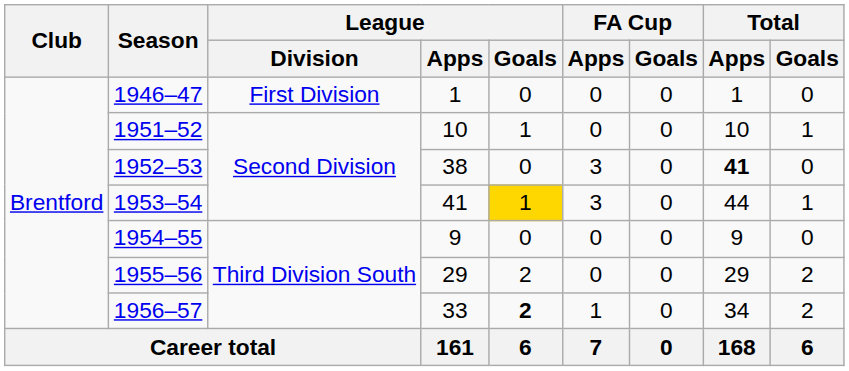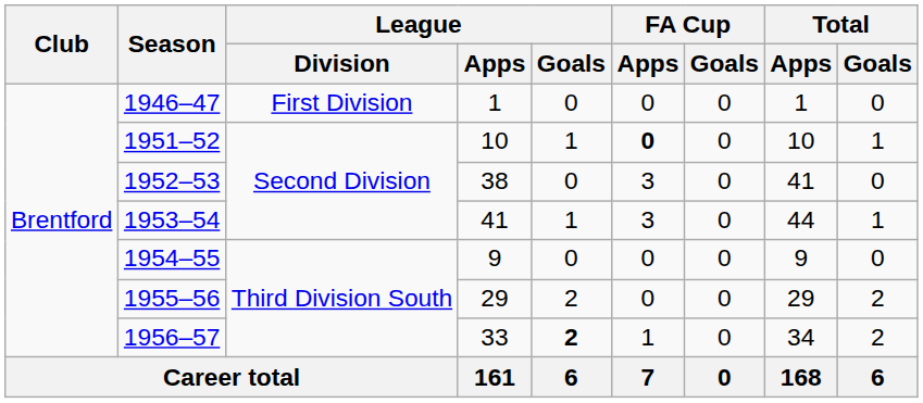 <table class="wikitable" style="text-align: center;">
 <tr>
 <th rowspan="2">Club</th>
 <th rowspan="2">Season</th>
 <th colspan="3">League</th>
 <th colspan="2">FA Cup</th>
 <th colspan="2">Total</th>
 </tr>
 <tr>
 <th>Division</th>
 <th>Apps</th>
 <th>Goals</th>
 <th>Apps</th>
 <th>Goals</th>
 <th>Apps</th>
 <th>Goals</th>
 </tr>
 <tr>
 <td rowspan="7"><a href='#'>Brentford</a></td>
 <td><a href='#'>1946–47</a></td>
 <td><a href='#'>First Division</a></td>
 <td>1</td>
 <td>0</td>
 <td>0</td>
 <td>0</td>
 <td>1</td>
 <td>0</td>
 </tr>
 <tr>
 <td><a href='#'>1951–52</a></td>
 <td rowspan="3"><a href='#'>Second Division</a></td>
 <td>10</td>
 <td>1</td>
-<td>0</td>
+<td><strong>0</strong></td>
 <td>0</td>
 <td>10</td>
 <td>1</td>
 </tr>
 <tr>
 <td><a href='#'>1952–53</a></td>
 <td>38</td>
 <td>0</td>
 <td>3</td>
 <td>0</td>
-<td><strong>41</strong></td>
+<td>41</td>
 <td>0</td>
 </tr>
 <tr>
 <td><a href='#'>1953–54</a></td>
 <td>41</td>
-<td style="background: gold;">1</td>
+<td>1</td>
 <td>3</td>
 <td>0</td>
 <td>44</td>
 <td>1</td>
 </tr>
 <tr>
 <td><a href='#'>1954–55</a></td>
 <td rowspan="3"><a href='#'>Third Division South</a></td>
 <td>9</td>
 <td>0</td>
 <td>0</td>
 <td>0</td>
 <td>9</td>
 <td>0</td>
 </tr>
 <tr>
 <td><a href='#'>1955–56</a></td>
 <td>29</td>
 <td>2</td>
 <td>0</td>
 <td>0</td>
 <td>29</td>
 <td>2</td>
 </tr>
 <tr>
 <td><a href='#'>1956–57</a></td>
 <td>33</td>
 <td><strong>2</strong></td>
 <td>1</td>
 <td>0</td>
 <td>34</td>
 <td>2</td>
 </tr>
 <tr>
 <th colspan="3">Career total</th>
 <th>161</th>
 <th>6</th>
 <th>7</th>
 <th>0</th>
 <th>168</th>
 <th>6</th>
 </tr>
 </table>
